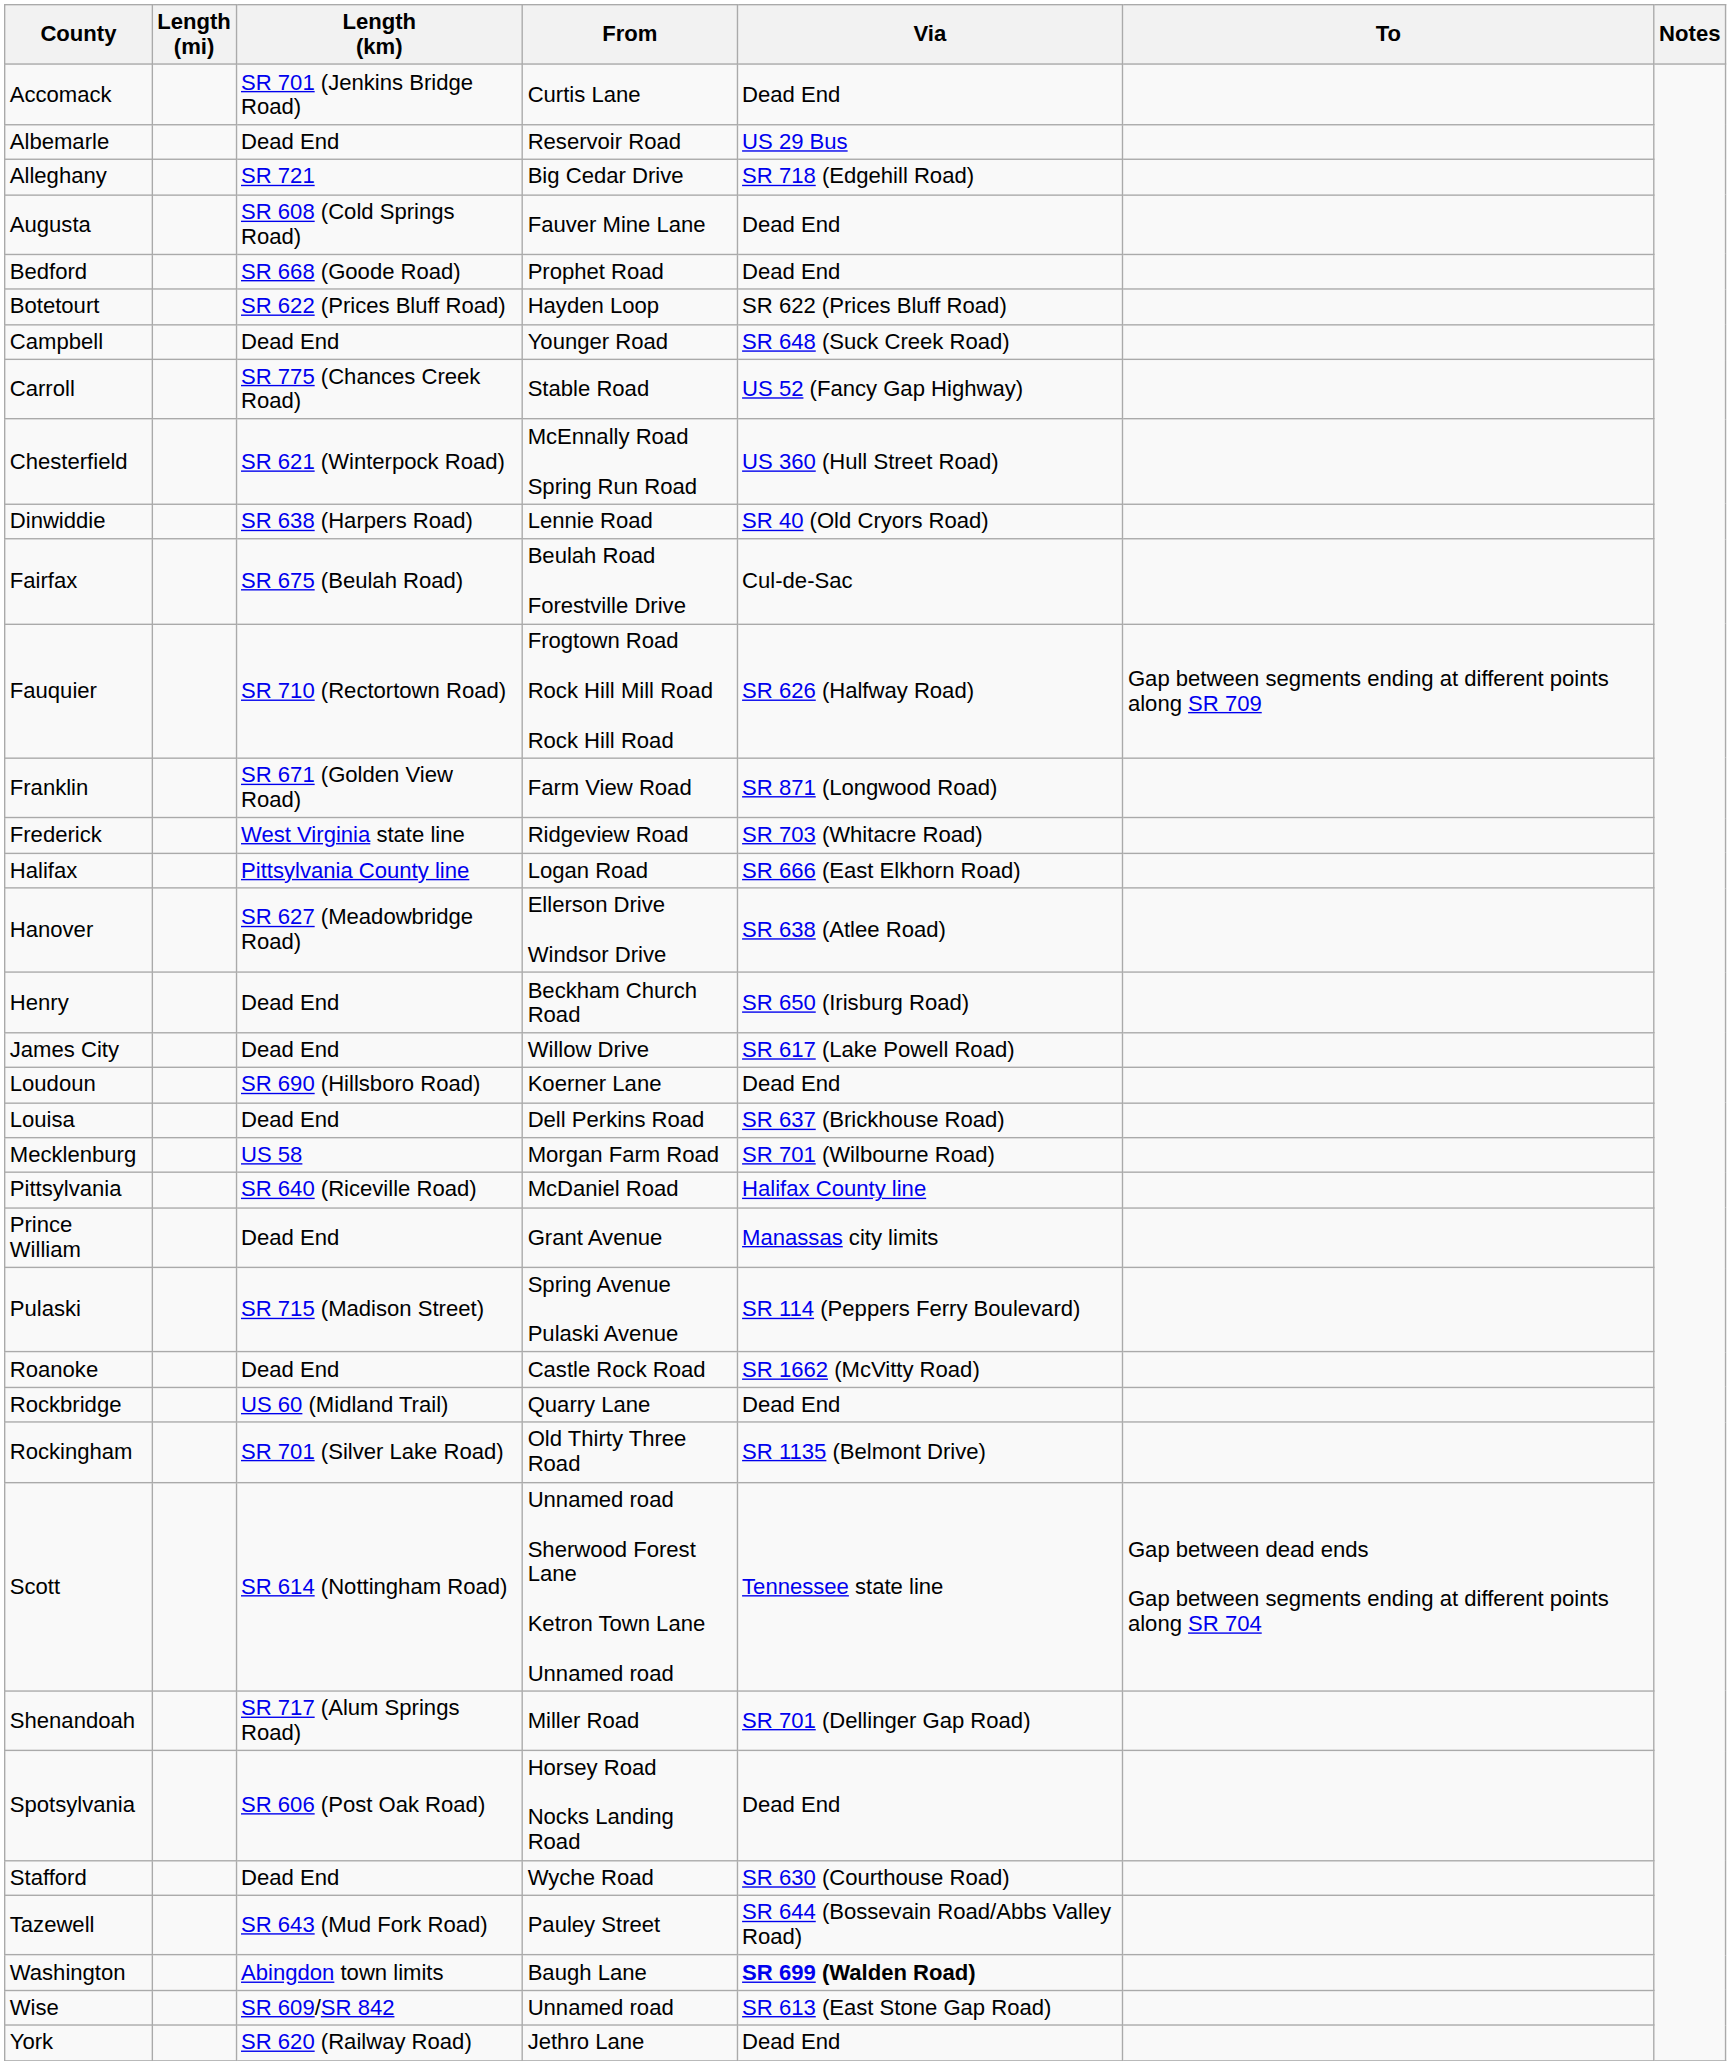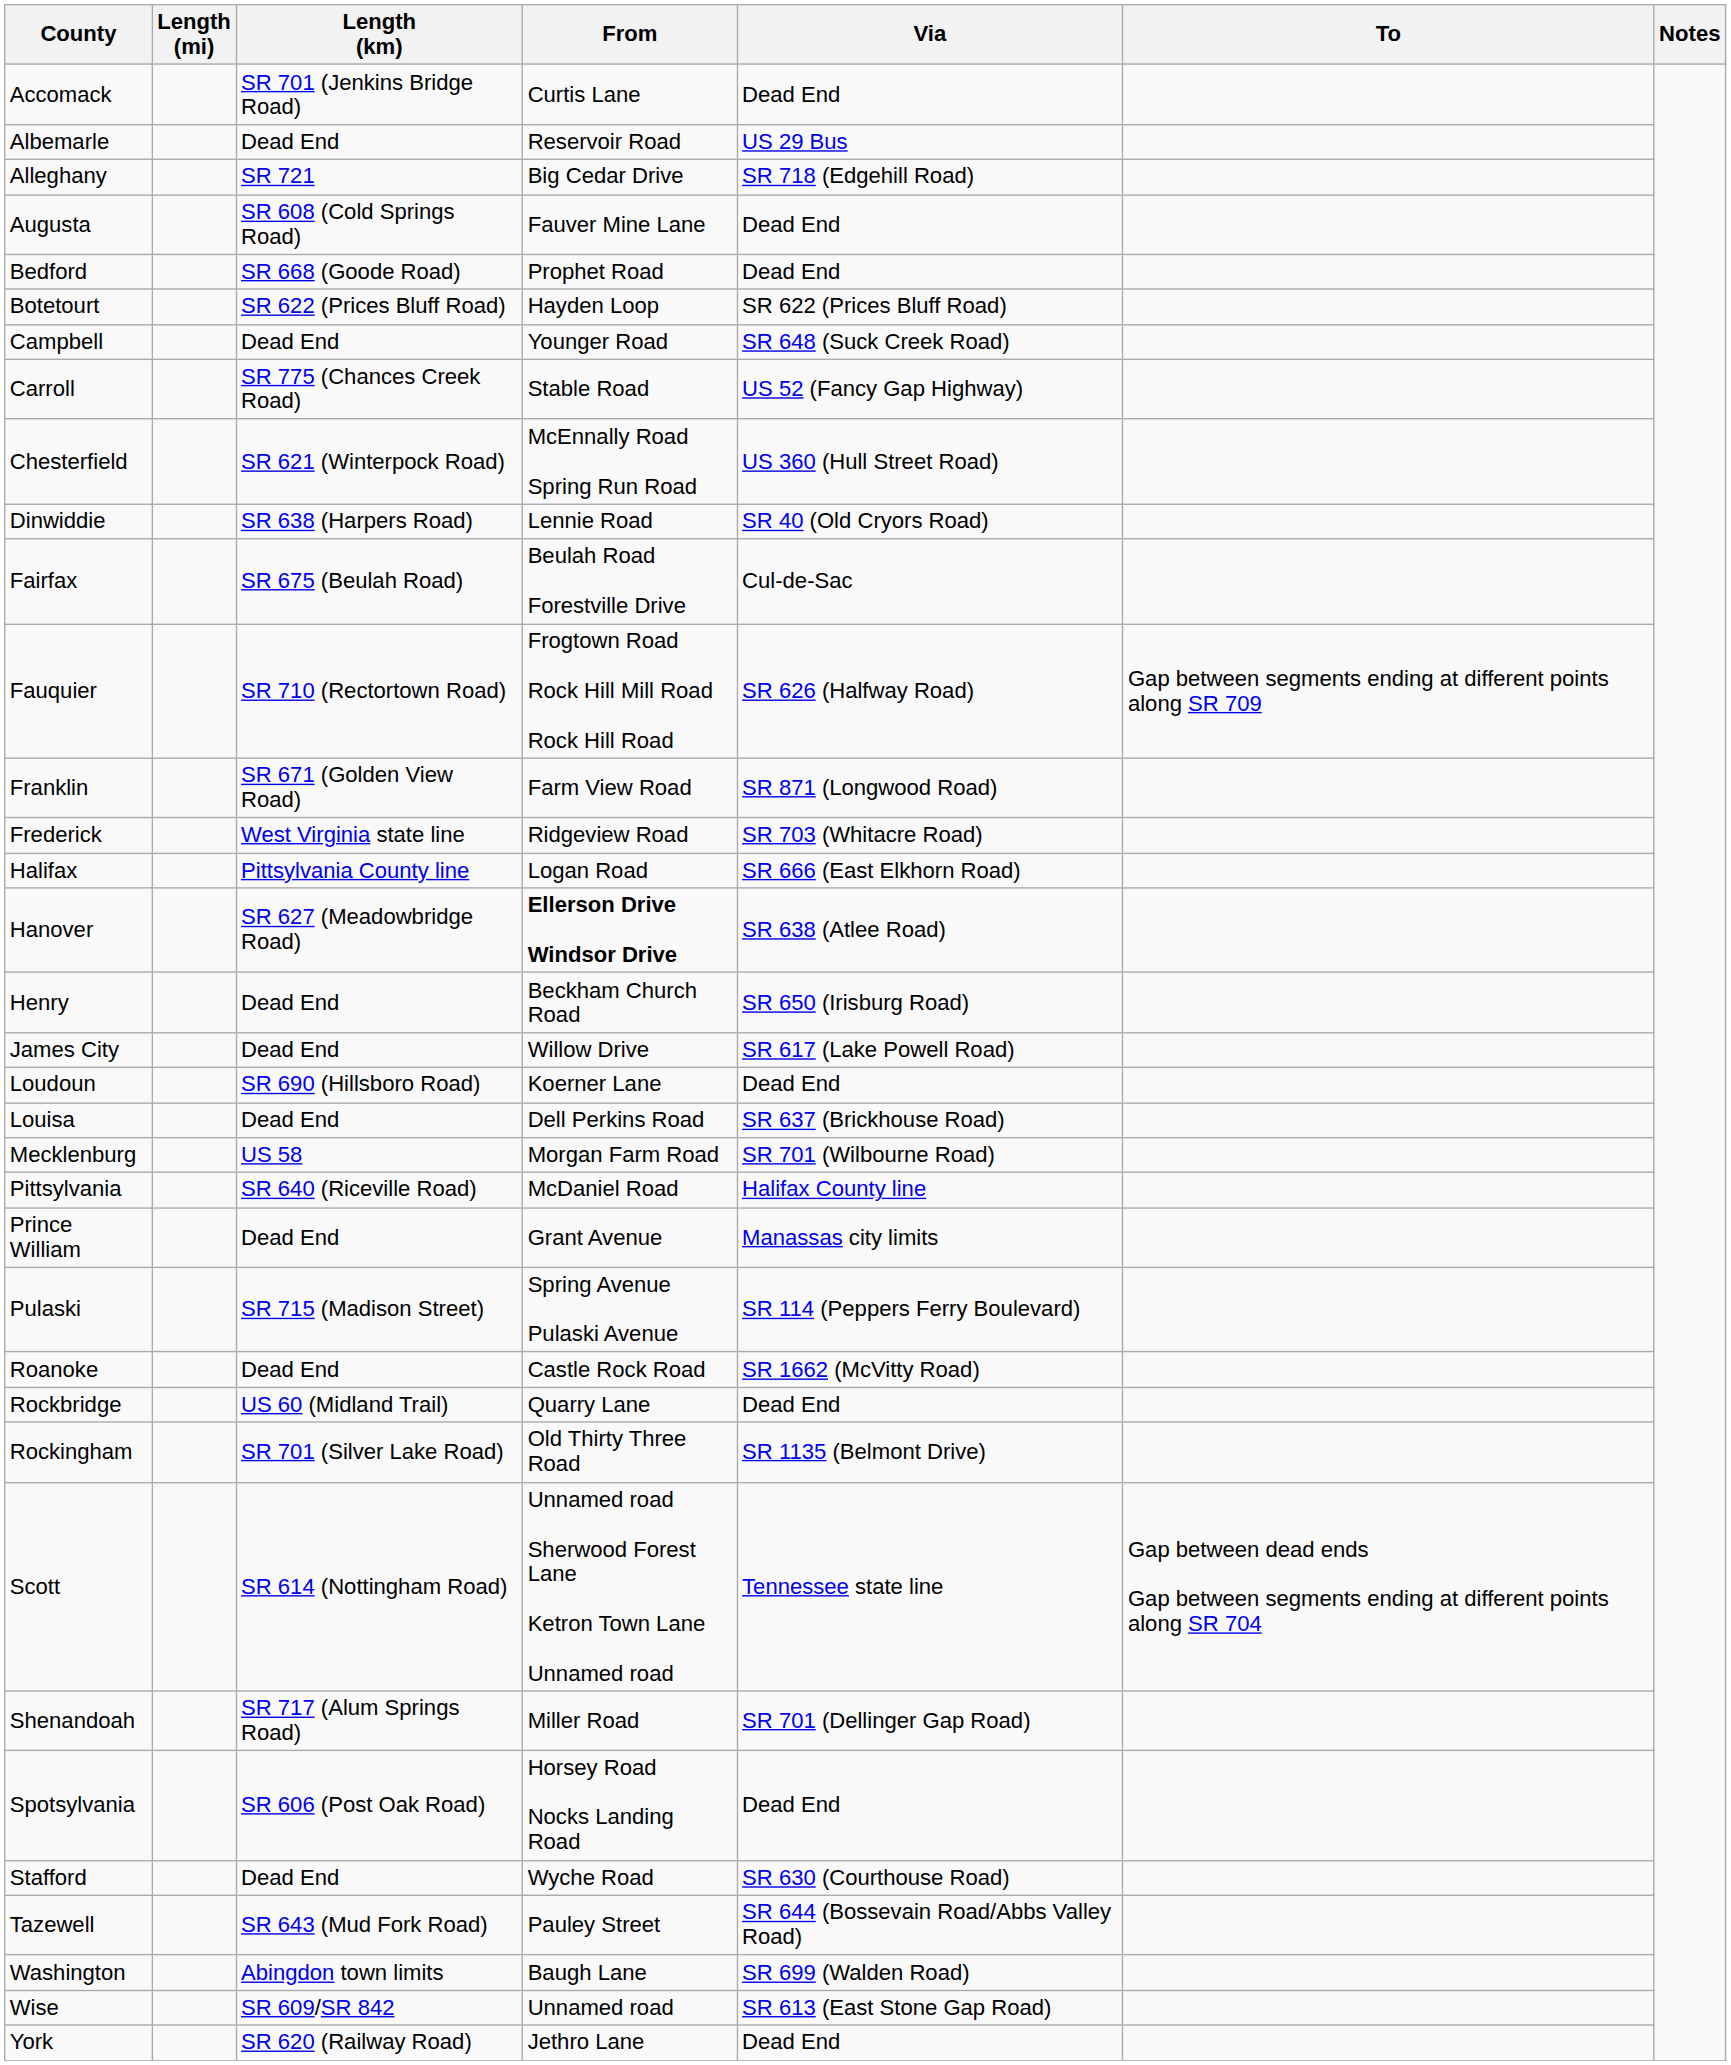 <table class="wikitable sortable">
 <tr>
 <th>County</th>
 <th>Length<br>(mi)</th>
 <th>Length<br>(km)</th>
 <th class="unsortable">From</th>
 <th class="unsortable">Via</th>
 <th class="unsortable">To</th>
 <th class="unsortable">Notes</th>
 </tr>
 <tr>
 <td id="Accomack">Accomack</td>
 <td></td>
 <td><a href='#'>SR 701</a> (Jenkins Bridge Road)</td>
 <td>Curtis Lane</td>
 <td>Dead End</td>
 <td></td>
 </tr>
 <tr>
 <td id="Albemarle">Albemarle</td>
 <td></td>
 <td>Dead End</td>
 <td>Reservoir Road</td>
 <td><a href='#'>US 29 Bus</a></td>
 <td></td>
 </tr>
 <tr>
 <td id="Alleghany">Alleghany</td>
 <td></td>
 <td><a href='#'>SR 721</a></td>
 <td>Big Cedar Drive</td>
 <td><a href='#'>SR 718</a> (Edgehill Road)</td>
 <td><br>   </td>
 </tr>
 <tr>
 <td id="Augusta">Augusta</td>
 <td></td>
 <td><a href='#'>SR 608</a> (Cold Springs Road)</td>
 <td>Fauver Mine Lane</td>
 <td>Dead End</td>
 <td><br></td>
 </tr>
 <tr>
 <td id="Bedford">Bedford</td>
 <td></td>
 <td><a href='#'>SR 668</a> (Goode Road)</td>
 <td>Prophet Road</td>
 <td>Dead End</td>
 <td><br></td>
 </tr>
 <tr>
 <td id="Botetourt">Botetourt</td>
 <td></td>
 <td><a href='#'>SR 622</a> (Prices Bluff Road)</td>
 <td>Hayden Loop</td>
 <td>SR 622 (Prices Bluff Road)</td>
 <td><br>  </td>
 </tr>
 <tr>
 <td id="Campbell">Campbell</td>
 <td></td>
 <td>Dead End</td>
 <td>Younger Road</td>
 <td><a href='#'>SR 648</a> (Suck Creek Road)</td>
 <td><br></td>
 </tr>
 <tr>
 <td id="Carroll">Carroll</td>
 <td></td>
 <td><a href='#'>SR 775</a> (Chances Creek Road)</td>
 <td>Stable Road</td>
 <td><a href='#'>US 52</a> (Fancy Gap Highway)</td>
 <td><br> </td>
 </tr>
 <tr>
 <td id="Chesterfield">Chesterfield</td>
 <td></td>
 <td><a href='#'>SR 621</a> (Winterpock Road)</td>
 <td>McEnnally Road<br><br>Spring Run Road</td>
 <td><a href='#'>US 360</a> (Hull Street Road)</td>
 <td><br>    </td>
 </tr>
 <tr>
 <td id="Dinwiddie">Dinwiddie</td>
 <td></td>
 <td><a href='#'>SR 638</a> (Harpers Road)</td>
 <td>Lennie Road</td>
 <td><a href='#'>SR 40</a> (Old Cryors Road)</td>
 <td><br></td>
 </tr>
 <tr>
 <td id="Fairfax">Fairfax</td>
 <td></td>
 <td><a href='#'>SR 675</a> (Beulah Road)</td>
 <td>Beulah Road<br><br>Forestville Drive</td>
 <td>Cul-de-Sac</td>
 <td></td>
 </tr>
 <tr>
 <td id="Fauquier">Fauquier</td>
 <td></td>
 <td><a href='#'>SR 710</a> (Rectortown Road)</td>
 <td>Frogtown Road<br><br>Rock Hill Mill Road<br><br>Rock Hill Road</td>
 <td><a href='#'>SR 626</a> (Halfway Road)</td>
 <td>Gap between segments ending at different points along <a href='#'>SR 709</a><br> </td>
 </tr>
 <tr>
 <td id="Franklin">Franklin</td>
 <td></td>
 <td><a href='#'>SR 671</a> (Golden View Road)</td>
 <td>Farm View Road</td>
 <td><a href='#'>SR 871</a> (Longwood Road)</td>
 <td></td>
 </tr>
 <tr>
 <td id="Frederick">Frederick</td>
 <td></td>
 <td><a href='#'>West Virginia</a> state line</td>
 <td>Ridgeview Road</td>
 <td><a href='#'>SR 703</a> (Whitacre Road)</td>
 <td><br>     </td>
 </tr>
 <tr>
 <td id="Halifax">Halifax</td>
 <td></td>
 <td><a href='#'>Pittsylvania County line</a></td>
 <td>Logan Road</td>
 <td><a href='#'>SR 666</a> (East Elkhorn Road)</td>
 <td></td>
 </tr>
 <tr>
 <td id="Hanover">Hanover</td>
 <td></td>
 <td><a href='#'>SR 627</a> (Meadowbridge Road)</td>
-<td>Ellerson Drive<br><br>Windsor Drive</td>
+<td><strong>Ellerson Drive<br><br>Windsor Drive</strong></td>
 <td><a href='#'>SR 638</a> (Atlee Road)</td>
 <td><br></td>
 </tr>
 <tr>
 <td id="Henry">Henry</td>
 <td></td>
 <td>Dead End</td>
 <td>Beckham Church Road</td>
 <td><a href='#'>SR 650</a> (Irisburg Road)</td>
 <td><br> </td>
 </tr>
 <tr>
 <td id="James City">James City</td>
 <td></td>
 <td>Dead End</td>
 <td>Willow Drive</td>
 <td><a href='#'>SR 617</a> (Lake Powell Road)</td>
 <td><br>    </td>
 </tr>
 <tr>
 <td id="Loudoun">Loudoun</td>
 <td></td>
 <td><a href='#'>SR 690</a> (Hillsboro Road)</td>
 <td>Koerner Lane</td>
 <td>Dead End</td>
 <td></td>
 </tr>
 <tr>
 <td id="Louisa">Louisa</td>
 <td></td>
 <td>Dead End</td>
 <td>Dell Perkins Road</td>
 <td><a href='#'>SR 637</a> (Brickhouse Road)</td>
 <td><br>  </td>
 </tr>
 <tr>
 <td id="Mecklenburg">Mecklenburg</td>
 <td></td>
 <td><a href='#'>US 58</a></td>
 <td>Morgan Farm Road</td>
 <td><a href='#'>SR 701</a> (Wilbourne Road)</td>
 <td><br>         </td>
 </tr>
 <tr>
 <td id="Pittsylvania">Pittsylvania</td>
 <td></td>
 <td><a href='#'>SR 640</a> (Riceville Road)</td>
 <td>McDaniel Road</td>
 <td><a href='#'>Halifax County line</a></td>
 <td><br>  </td>
 </tr>
 <tr>
 <td id="Prince William">Prince William</td>
 <td></td>
 <td>Dead End</td>
 <td>Grant Avenue</td>
 <td><a href='#'>Manassas</a> city limits</td>
 <td></td>
 </tr>
 <tr>
 <td id="Pulaski">Pulaski</td>
 <td></td>
 <td><a href='#'>SR 715</a> (Madison Street)</td>
 <td>Spring Avenue<br><br>Pulaski Avenue</td>
 <td><a href='#'>SR 114</a> (Peppers Ferry Boulevard)</td>
 <td><br> </td>
 </tr>
 <tr>
 <td id="Roanoke">Roanoke</td>
 <td></td>
 <td>Dead End</td>
 <td>Castle Rock Road</td>
 <td><a href='#'>SR 1662</a> (McVitty Road)</td>
 <td></td>
 </tr>
 <tr>
 <td id="Rockbridge">Rockbridge</td>
 <td></td>
 <td><a href='#'>US 60</a> (Midland Trail)</td>
 <td>Quarry Lane</td>
 <td>Dead End</td>
 <td></td>
 </tr>
 <tr>
 <td id="Rockingham">Rockingham</td>
 <td></td>
 <td><a href='#'>SR 701</a> (Silver Lake Road)</td>
 <td>Old Thirty Three Road</td>
 <td><a href='#'>SR 1135</a> (Belmont Drive)</td>
 <td><br></td>
 </tr>
 <tr>
 <td id="Scott">Scott</td>
 <td></td>
 <td><a href='#'>SR 614</a> (Nottingham Road)</td>
 <td>Unnamed road<br><br>Sherwood Forest Lane<br><br>Ketron Town Lane<br><br>Unnamed road</td>
 <td><a href='#'>Tennessee</a> state line</td>
 <td>Gap between dead ends<br><br>Gap between segments ending at different points along <a href='#'>SR 704</a></td>
 </tr>
 <tr>
 <td id="Shenandoah">Shenandoah</td>
 <td></td>
 <td><a href='#'>SR 717</a> (Alum Springs Road)</td>
 <td>Miller Road</td>
 <td><a href='#'>SR 701</a> (Dellinger Gap Road)</td>
 <td><br> </td>
 </tr>
 <tr>
 <td id="Spotsylvania">Spotsylvania</td>
 <td></td>
 <td><a href='#'>SR 606</a> (Post Oak Road)</td>
 <td>Horsey Road<br><br>Nocks Landing Road</td>
 <td>Dead End</td>
 <td></td>
 </tr>
 <tr>
 <td id="Stafford">Stafford</td>
 <td></td>
 <td>Dead End</td>
 <td>Wyche Road</td>
 <td><a href='#'>SR 630</a> (Courthouse Road)</td>
 <td><br> </td>
 </tr>
 <tr>
 <td id="Tazewell">Tazewell</td>
 <td></td>
 <td><a href='#'>SR 643</a> (Mud Fork Road)</td>
 <td>Pauley Street</td>
 <td><a href='#'>SR 644</a> (Bossevain Road/Abbs Valley Road)</td>
 <td><br></td>
 </tr>
 <tr>
 <td id="Washington">Washington</td>
 <td></td>
 <td><a href='#'>Abingdon</a> town limits</td>
 <td>Baugh Lane</td>
-<td><strong><a href='#'>SR 699</a> (Walden Road)</strong></td>
+<td><a href='#'>SR 699</a> (Walden Road)</td>
 <td><br></td>
 </tr>
 <tr>
 <td id="Wise">Wise</td>
 <td></td>
 <td><a href='#'>SR 609</a>/<a href='#'>SR 842</a></td>
 <td>Unnamed road</td>
 <td><a href='#'>SR 613</a> (East Stone Gap Road)</td>
 <td><br></td>
 </tr>
 <tr>
 <td id="York">York</td>
 <td></td>
 <td><a href='#'>SR 620</a> (Railway Road)</td>
 <td>Jethro Lane</td>
 <td>Dead End</td>
 <td></td>
 </tr>
 </table>
